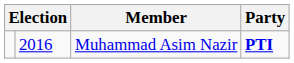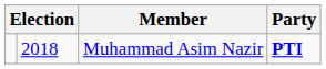 <table class="wikitable">
 <tr>
 <th colspan="2">Election</th>
 <th>Member</th>
 <th>Party</th>
 </tr>
 <tr>
 <td style="background-color: "></td>
-<td><a href='#'>2016</a></td>
+<td><a href='#'>2018</a></td>
 <td><a href='#'>Muhammad Asim Nazir</a></td>
 <td><strong><a href='#'>PTI</a></strong></td>
 </tr>
 </table>
